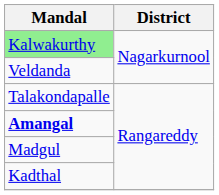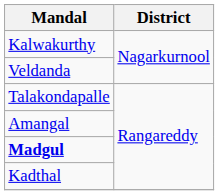 <table class="wikitable sortable static-row-numbers static-row-header-hash">
 <tr>
 <th>Mandal</th>
 <th>District</th>
 </tr>
 <tr>
-<td style="background: lightgreen;"><a href='#'>Kalwakurthy</a></td>
+<td><a href='#'>Kalwakurthy</a></td>
 <td rowspan=2><a href='#'>Nagarkurnool</a></td>
 </tr>
 <tr>
 <td><a href='#'>Veldanda</a></td>
 </tr>
 <tr>
 <td><a href='#'>Talakondapalle</a></td>
 <td rowspan=4><a href='#'>Rangareddy</a></td>
 </tr>
 <tr>
-<td><strong><a href='#'>Amangal</a></strong></td>
+<td><a href='#'>Amangal</a></td>
 </tr>
 <tr>
-<td><a href='#'>Madgul</a></td>
+<td><strong><a href='#'>Madgul</a></strong></td>
 </tr>
 <tr>
 <td><a href='#'>Kadthal</a></td>
 </tr>
 <tr>
 </tr>
 </table>
